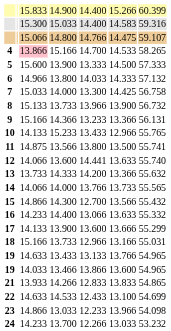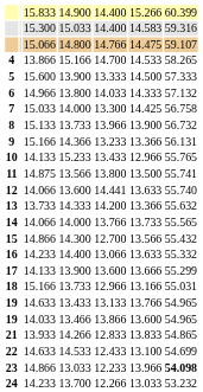 <table>
 <tr style="background:#fffcaf;">
 <th scope=row style="text-align:center"></th>
 <td align=left></td>
 <td>15.833</td>
 <td>14.900</td>
 <td>14.400</td>
 <td>15.266</td>
 <td>60.399</td>
 </tr>
 <tr style="background:#e5e5e5;">
 <th scope=row style="text-align:center"></th>
 <td align=left></td>
 <td>15.300</td>
 <td>15.033</td>
 <td>14.400</td>
 <td>14.583</td>
 <td>59.316</td>
 </tr>
 <tr style="background:#ec9;">
 <th scope=row style="text-align:center"></th>
 <td align=left></td>
 <td>15.066</td>
 <td>14.800</td>
 <td>14.766</td>
 <td>14.475</td>
 <td>59.107</td>
 </tr>
 <tr>
 <th scope=row style="text-align:center">4</th>
 <td align=left></td>
-<td style="background: pink;">13.866</td>
+<td>13.866</td>
 <td>15.166</td>
 <td>14.700</td>
 <td>14.533</td>
 <td>58.265</td>
 </tr>
 <tr>
 <th scope=row style="text-align:center">5</th>
 <td align=left></td>
 <td>15.600</td>
 <td>13.900</td>
 <td>13.333</td>
 <td>14.500</td>
 <td>57.333</td>
 </tr>
 <tr>
 <th scope=row style="text-align:center">6</th>
 <td align=left></td>
 <td>14.966</td>
 <td>13.800</td>
 <td>14.033</td>
 <td>14.333</td>
 <td>57.132</td>
 </tr>
 <tr>
 <th scope=row style="text-align:center">7</th>
 <td align=left></td>
 <td>15.033</td>
 <td>14.000</td>
 <td>13.300</td>
 <td>14.425</td>
 <td>56.758</td>
 </tr>
 <tr>
 <th scope=row style="text-align:center">8</th>
 <td align=left></td>
 <td>15.133</td>
 <td>13.733</td>
 <td>13.966</td>
 <td>13.900</td>
 <td>56.732</td>
 </tr>
 <tr>
 <th scope=row style="text-align:center">9</th>
 <td align=left></td>
 <td>15.166</td>
 <td>14.366</td>
 <td>13.233</td>
 <td>13.366</td>
 <td>56.131</td>
 </tr>
 <tr>
 <th scope=row style="text-align:center">10</th>
 <td align=left></td>
 <td>14.133</td>
 <td>15.233</td>
 <td>13.433</td>
 <td>12.966</td>
 <td>55.765</td>
 </tr>
 <tr>
 <th scope=row style="text-align:center">11</th>
 <td align=left></td>
 <td>14.875</td>
 <td>13.566</td>
 <td>13.800</td>
 <td>13.500</td>
 <td>55.741</td>
 </tr>
 <tr>
 <th scope=row style="text-align:center">12</th>
 <td align=left></td>
 <td>14.066</td>
 <td>13.600</td>
 <td>14.441</td>
 <td>13.633</td>
 <td>55.740</td>
 </tr>
 <tr>
 <th scope=row style="text-align:center">13</th>
 <td align=left></td>
 <td>13.733</td>
 <td>14.333</td>
 <td>14.200</td>
 <td>13.366</td>
 <td>55.632</td>
 </tr>
 <tr>
 <th scope=row style="text-align:center">14</th>
 <td align=left></td>
 <td>14.066</td>
 <td>14.000</td>
 <td>13.766</td>
 <td>13.733</td>
 <td>55.565</td>
 </tr>
 <tr>
 <th scope=row style="text-align:center">15</th>
 <td align=left></td>
 <td>14.866</td>
 <td>14.300</td>
 <td>12.700</td>
 <td>13.566</td>
 <td>55.432</td>
 </tr>
 <tr>
 <th scope=row style="text-align:center">16</th>
 <td align=left></td>
 <td>14.233</td>
 <td>14.400</td>
 <td>13.066</td>
 <td>13.633</td>
 <td>55.332</td>
 </tr>
 <tr>
 <th scope=row style="text-align:center">17</th>
 <td align=left></td>
 <td>14.133</td>
 <td>13.900</td>
 <td>13.600</td>
 <td>13.666</td>
 <td>55.299</td>
 </tr>
 <tr>
 <th scope=row style="text-align:center">18</th>
 <td align=left></td>
 <td>15.166</td>
 <td>13.733</td>
 <td>12.966</td>
 <td>13.166</td>
 <td>55.031</td>
 </tr>
 <tr>
 <th scope=row style="text-align:center">19</th>
 <td align=left></td>
 <td>14.633</td>
 <td>13.433</td>
 <td>13.133</td>
 <td>13.766</td>
 <td>54.965</td>
 </tr>
 <tr>
 <th scope=row style="text-align:center">19</th>
 <td align=left></td>
 <td>14.033</td>
 <td>13.466</td>
 <td>13.866</td>
 <td>13.600</td>
 <td>54.965</td>
 </tr>
 <tr>
 <th scope=row style="text-align:center">21</th>
 <td align=left></td>
 <td>13.933</td>
 <td>14.266</td>
 <td>12.833</td>
 <td>13.833</td>
 <td>54.865</td>
 </tr>
 <tr>
 <th scope=row style="text-align:center">22</th>
 <td align=left></td>
 <td>14.633</td>
 <td>14.533</td>
 <td>12.433</td>
 <td>13.100</td>
 <td>54.699</td>
 </tr>
 <tr>
 <th scope=row style="text-align:center">23</th>
 <td align=left></td>
 <td>14.866</td>
 <td>13.033</td>
 <td>12.233</td>
 <td>13.966</td>
-<td>54.098</td>
+<td><strong>54.098</strong></td>
 </tr>
 <tr>
 <th scope=row style="text-align:center">24</th>
 <td align=left></td>
 <td>14.233</td>
 <td>13.700</td>
 <td>12.266</td>
 <td>13.033</td>
 <td>53.232</td>
 </tr>
 </table>
